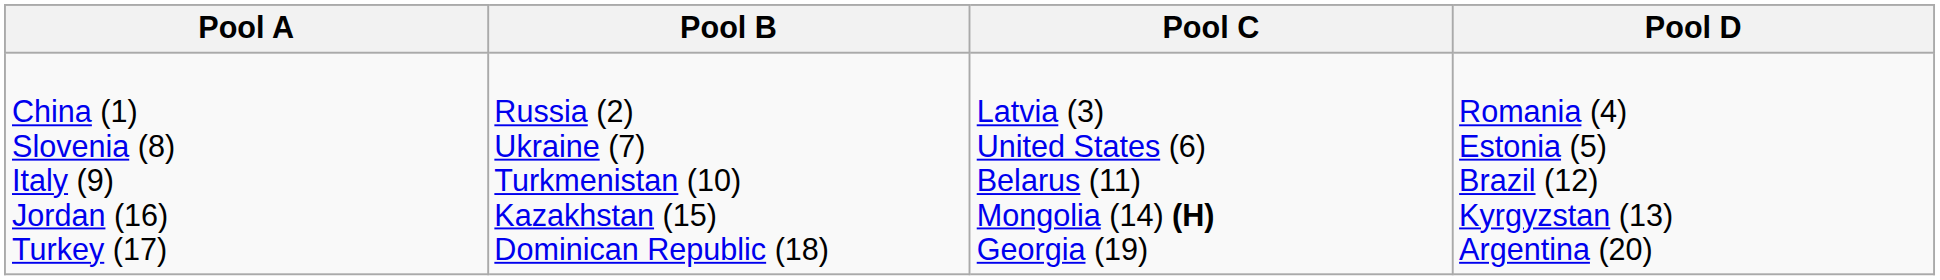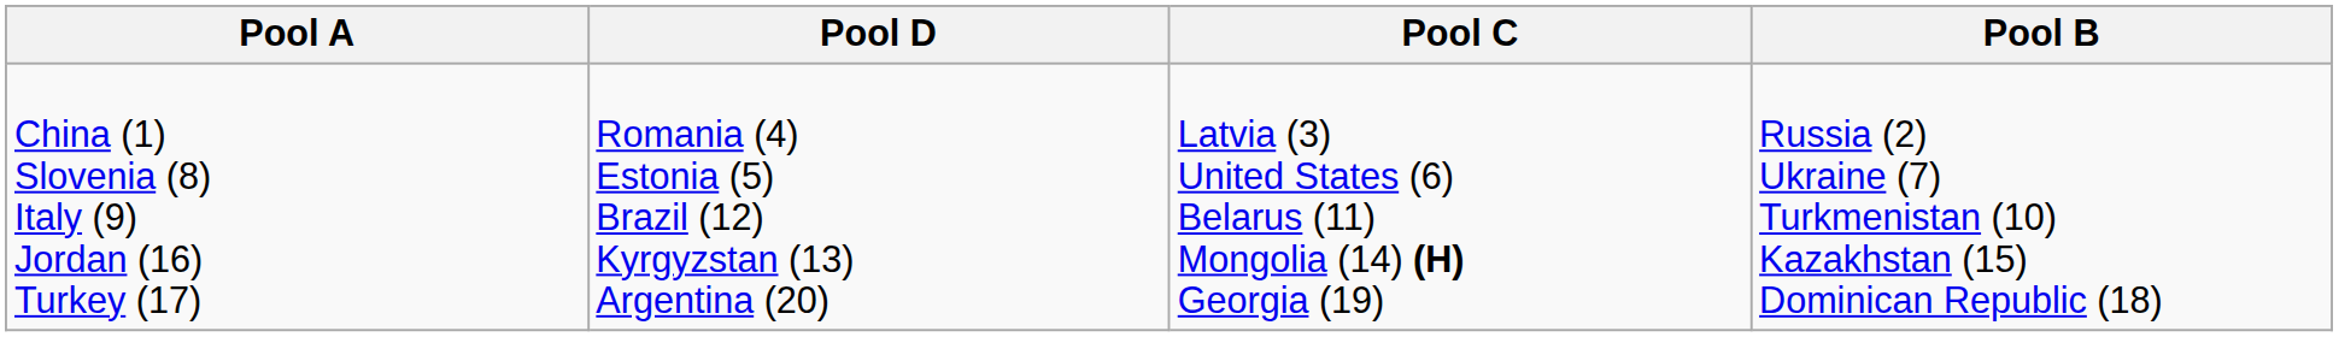 <table class="wikitable" width=80%>
 <tr>
 <th width=25%><strong>Pool A</strong></th>
+<th width=25%><strong>Pool D</strong></th>
+<th width=25%><strong>Pool C</strong></th>
 <th width=25%><strong>Pool B</strong></th>
-<th width=25%><strong>Pool C</strong></th>
-<th width=25%><strong>Pool D</strong></th>
 </tr>
 <tr>
 <td><br> <a href='#'>China</a> (1) <br>  <a href='#'>Slovenia</a> (8) <br>  <a href='#'>Italy</a> (9) <br>  <a href='#'>Jordan</a> (16) <br>  <a href='#'>Turkey</a> (17) <br></td>
+<td><br> <a href='#'>Romania</a> (4) <br>  <a href='#'>Estonia</a> (5) <br>  <a href='#'>Brazil</a> (12) <br>  <a href='#'>Kyrgyzstan</a> (13) <br>  <a href='#'>Argentina</a> (20) <br></td>
+<td><br> <a href='#'>Latvia</a> (3) <br>   <a href='#'>United States</a> (6) <br>   <a href='#'>Belarus</a> (11) <br>   <a href='#'>Mongolia</a> (14) <strong>(H)</strong> <br>  <a href='#'>Georgia</a> (19) <br></td>
 <td><br> <a href='#'>Russia</a> (2) <br>  <a href='#'>Ukraine</a> (7)<br>   <a href='#'>Turkmenistan</a> (10)<br>   <a href='#'>Kazakhstan</a> (15) <br>  <a href='#'>Dominican Republic</a> (18) <br></td>
-<td><br> <a href='#'>Latvia</a> (3) <br>   <a href='#'>United States</a> (6) <br>   <a href='#'>Belarus</a> (11) <br>   <a href='#'>Mongolia</a> (14) <strong>(H)</strong> <br>  <a href='#'>Georgia</a> (19) <br></td>
-<td><br> <a href='#'>Romania</a> (4) <br>  <a href='#'>Estonia</a> (5) <br>  <a href='#'>Brazil</a> (12) <br>  <a href='#'>Kyrgyzstan</a> (13) <br>  <a href='#'>Argentina</a> (20) <br></td>
 </tr>
 </table>
